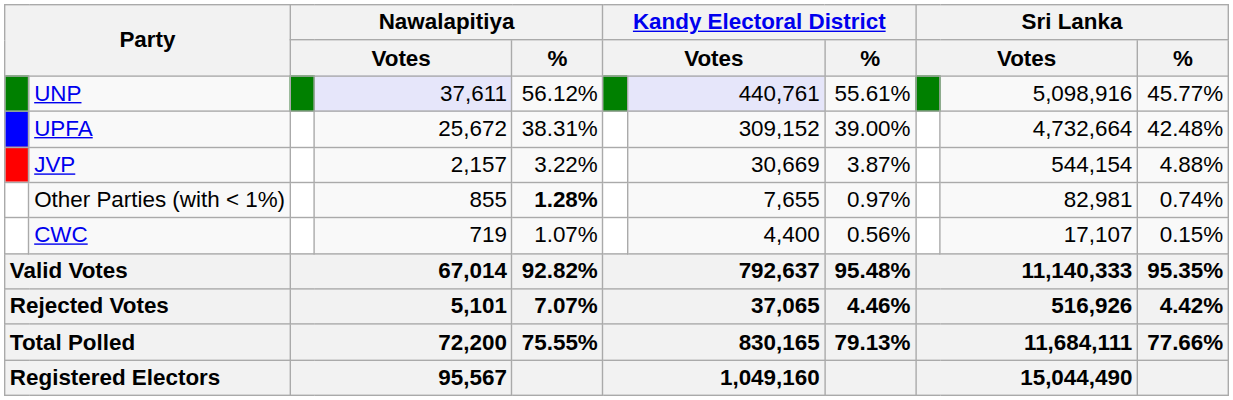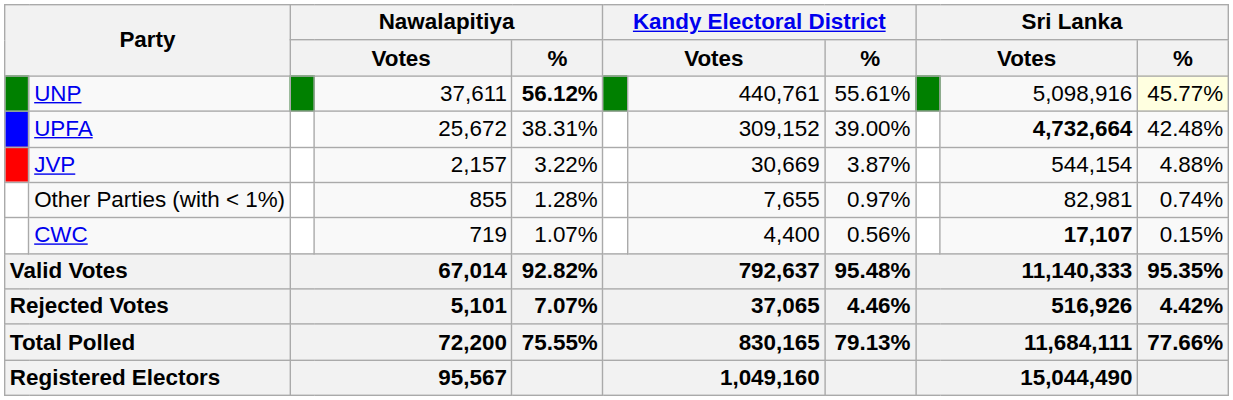 <table class="wikitable">
 <tr>
 <th colspan="2" width="144px"rowspan="2">Party</th>
 <th colspan="3" width="216px">Nawalapitiya</th>
 <th colspan="3" width="216px"><a href='#'>Kandy Electoral District</a></th>
 <th colspan="3" width="216px">Sri Lanka</th>
 </tr>
 <tr>
 <th colspan="2" width="144px">Votes</th>
 <th>%</th>
 <th colspan="2" width="144px">Votes</th>
 <th>%</th>
 <th colspan="2" width="144px">Votes</th>
 <th>%</th>
 </tr>
 <tr>
 <td style="background-color:green;" width="10px"></td>
 <td style="text-align:left;"><a href='#'>UNP</a></td>
 <td style="background-color:green;" width="10px"></td>
-<td style="background: lavender; text-align:right;">37,611</td>
-<td style="text-align:right;">56.12%</td>
+<td style="text-align:right;">37,611</td>
+<td style="text-align:right;"><strong>56.12%</strong></td>
 <td style="background-color:green;" width="10px"></td>
-<td style="background: lavender; text-align:right;">440,761</td>
+<td style="text-align:right;">440,761</td>
 <td style="text-align:right;">55.61%</td>
 <td style="background-color:green;" width="10px"></td>
 <td style="text-align:right;">5,098,916</td>
-<td style="text-align:right;">45.77%</td>
+<td style="background: lightyellow; text-align:right;">45.77%</td>
 </tr>
 <tr>
 <td style="background-color:blue;" width="10px"></td>
 <td style="text-align:left;"><a href='#'>UPFA</a></td>
 <td style="background-color:white;" width="10px"></td>
 <td style="text-align:right;">25,672</td>
 <td style="text-align:right;">38.31%</td>
 <td style="background-color:white;" width="10px"></td>
 <td style="text-align:right;">309,152</td>
 <td style="text-align:right;">39.00%</td>
 <td style="background-color:white;" width="10px"></td>
-<td style="text-align:right;">4,732,664</td>
+<td style="text-align:right;"><strong>4,732,664</strong></td>
 <td style="text-align:right;">42.48%</td>
 </tr>
 <tr>
 <td style="background-color:red;" width="10px"></td>
 <td style="text-align:left;"><a href='#'>JVP</a></td>
 <td style="background-color:white;" width="10px"></td>
 <td style="text-align:right;">2,157</td>
 <td style="text-align:right;">3.22%</td>
 <td style="background-color:white;" width="10px"></td>
 <td style="text-align:right;">30,669</td>
 <td style="text-align:right;">3.87%</td>
 <td style="background-color:white;" width="10px"></td>
 <td style="text-align:right;">544,154</td>
 <td style="text-align:right;">4.88%</td>
 </tr>
 <tr>
 <td style="background-color:white;" width="10px"></td>
 <td style="text-align:left;">Other Parties (with < 1%)</td>
 <td style="background-color:white;" width="10px"></td>
 <td style="text-align:right;">855</td>
-<td style="text-align:right;"><strong>1.28%</strong></td>
+<td style="text-align:right;">1.28%</td>
 <td style="background-color:white;" width="10px"></td>
 <td style="text-align:right;">7,655</td>
 <td style="text-align:right;">0.97%</td>
 <td style="background-color:white;" width="10px"></td>
 <td style="text-align:right;">82,981</td>
 <td style="text-align:right;">0.74%</td>
 </tr>
 <tr>
 <td style="background-color:white;" width="10px"></td>
 <td style="text-align:left;"><a href='#'>CWC</a></td>
 <td style="background-color:white;" width="10px"></td>
 <td style="text-align:right;">719</td>
 <td style="text-align:right;">1.07%</td>
 <td style="background-color:white;" width="10px"></td>
 <td style="text-align:right;">4,400</td>
 <td style="text-align:right;">0.56%</td>
 <td style="background-color:white;" width="10px"></td>
-<td style="text-align:right;">17,107</td>
+<td style="text-align:right;"><strong>17,107</strong></td>
 <td style="text-align:right;">0.15%</td>
 </tr>
 <tr>
 <th colspan="2" width="144px"style="text-align:left;">Valid Votes</th>
 <th style="text-align:right;"colspan="2" width="144px">67,014</th>
 <th style="text-align:right;">92.82%</th>
 <th style="text-align:right;"colspan="2" width="144px">792,637</th>
 <th style="text-align:right;">95.48%</th>
 <th style="text-align:right;"colspan="2" width="144px">11,140,333</th>
 <th style="text-align:right;">95.35%</th>
 </tr>
 <tr>
 <th colspan="2" width="144px"style="text-align:left;">Rejected Votes</th>
 <th style="text-align:right;"colspan="2" width="144px">5,101</th>
 <th style="text-align:right;">7.07%</th>
 <th style="text-align:right;"colspan="2" width="144px">37,065</th>
 <th style="text-align:right;">4.46%</th>
 <th style="text-align:right;"colspan="2" width="144px">516,926</th>
 <th style="text-align:right;">4.42%</th>
 </tr>
 <tr>
 <th colspan="2" width="144px"style="text-align:left;">Total Polled</th>
 <th style="text-align:right;"colspan="2" width="144px">72,200</th>
 <th style="text-align:right;">75.55%</th>
 <th style="text-align:right;"colspan="2" width="144px">830,165</th>
 <th style="text-align:right;">79.13%</th>
 <th style="text-align:right;"colspan="2" width="144px">11,684,111</th>
 <th style="text-align:right;">77.66%</th>
 </tr>
 <tr>
 <th colspan="2" width="144px"style="text-align:left;">Registered Electors</th>
 <th style="text-align:right;"colspan="2" width="144px">95,567</th>
 <th></th>
 <th style="text-align:right;"colspan="2" width="144px">1,049,160</th>
 <th></th>
 <th style="text-align:right;"colspan="2" width="144px">15,044,490</th>
 <th></th>
 </tr>
 </table>
